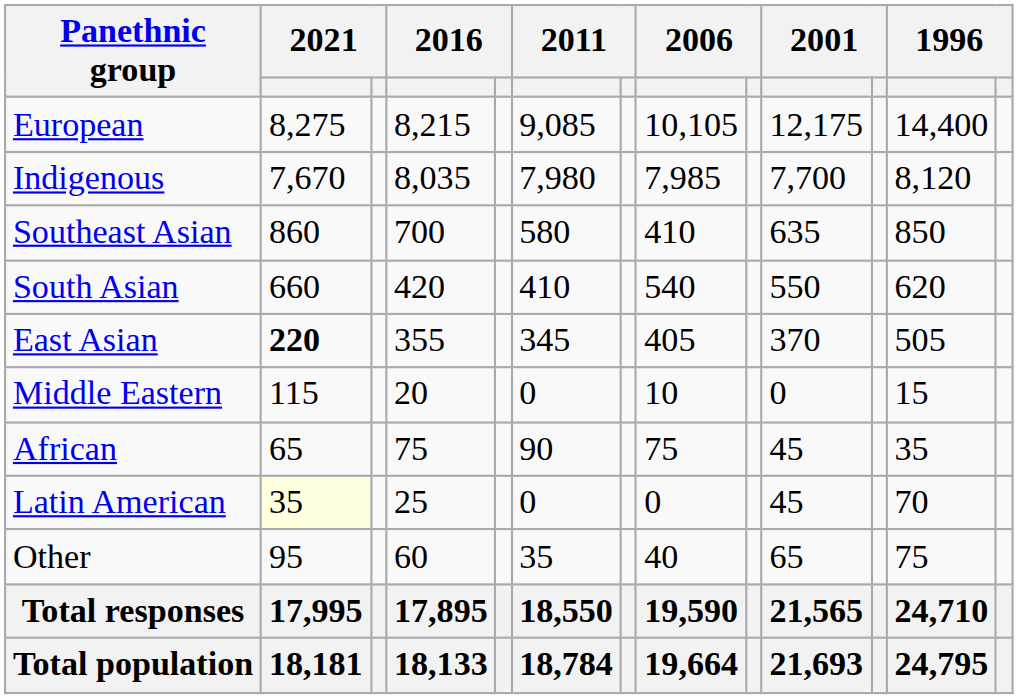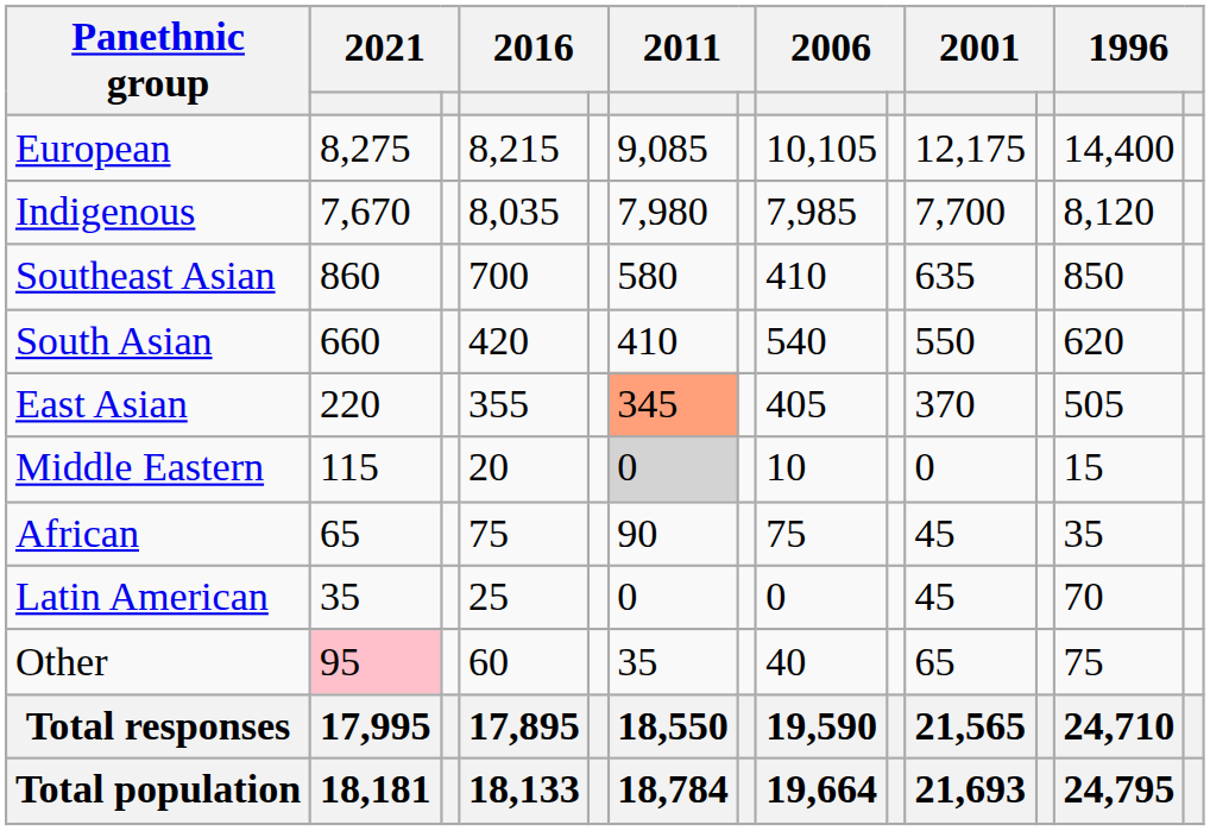 <table class="wikitable collapsible sortable">
 <tr>
 <th rowspan="2"><a href='#'>Panethnic</a><br>group</th>
 <th colspan="2">2021</th>
 <th colspan="2">2016</th>
 <th colspan="2">2011</th>
 <th colspan="2">2006</th>
 <th colspan="2">2001</th>
 <th colspan="2">1996</th>
 </tr>
 <tr>
 <th><a href='#'></a></th>
 <th></th>
 <th></th>
 <th></th>
 <th></th>
 <th></th>
 <th></th>
 <th></th>
 <th></th>
 <th></th>
 <th></th>
 <th></th>
 </tr>
 <tr>
 <td><a href='#'>European</a></td>
 <td>8,275</td>
 <td></td>
 <td>8,215</td>
 <td></td>
 <td>9,085</td>
 <td></td>
 <td>10,105</td>
 <td></td>
 <td>12,175</td>
 <td></td>
 <td>14,400</td>
 <td></td>
 </tr>
 <tr>
 <td><a href='#'>Indigenous</a></td>
 <td>7,670</td>
 <td></td>
 <td>8,035</td>
 <td></td>
 <td>7,980</td>
 <td></td>
 <td>7,985</td>
 <td></td>
 <td>7,700</td>
 <td></td>
 <td>8,120</td>
 <td></td>
 </tr>
 <tr>
 <td><a href='#'>Southeast Asian</a></td>
 <td>860</td>
 <td></td>
 <td>700</td>
 <td></td>
 <td>580</td>
 <td></td>
 <td>410</td>
 <td></td>
 <td>635</td>
 <td></td>
 <td>850</td>
 <td></td>
 </tr>
 <tr>
 <td><a href='#'>South Asian</a></td>
 <td>660</td>
 <td></td>
 <td>420</td>
 <td></td>
 <td>410</td>
 <td></td>
 <td>540</td>
 <td></td>
 <td>550</td>
 <td></td>
 <td>620</td>
 <td></td>
 </tr>
 <tr>
 <td><a href='#'>East Asian</a></td>
-<td><strong>220</strong></td>
+<td>220</td>
 <td></td>
 <td>355</td>
 <td></td>
-<td>345</td>
+<td style="background: lightsalmon;">345</td>
 <td></td>
 <td>405</td>
 <td></td>
 <td>370</td>
 <td></td>
 <td>505</td>
 <td></td>
 </tr>
 <tr>
 <td><a href='#'>Middle Eastern</a></td>
 <td>115</td>
 <td></td>
 <td>20</td>
 <td></td>
-<td>0</td>
+<td style="background: lightgrey;">0</td>
 <td></td>
 <td>10</td>
 <td></td>
 <td>0</td>
 <td></td>
 <td>15</td>
 <td></td>
 </tr>
 <tr>
 <td><a href='#'>African</a></td>
 <td>65</td>
 <td></td>
 <td>75</td>
 <td></td>
 <td>90</td>
 <td></td>
 <td>75</td>
 <td></td>
 <td>45</td>
 <td></td>
 <td>35</td>
 <td></td>
 </tr>
 <tr>
 <td><a href='#'>Latin American</a></td>
-<td style="background: lightyellow;">35</td>
+<td>35</td>
 <td></td>
 <td>25</td>
 <td></td>
 <td>0</td>
 <td></td>
 <td>0</td>
 <td></td>
 <td>45</td>
 <td></td>
 <td>70</td>
 <td></td>
 </tr>
 <tr>
 <td>Other</td>
-<td>95</td>
+<td style="background: pink;">95</td>
 <td></td>
 <td>60</td>
 <td></td>
 <td>35</td>
 <td></td>
 <td>40</td>
 <td></td>
 <td>65</td>
 <td></td>
 <td>75</td>
 <td></td>
 </tr>
 <tr>
 <th>Total responses</th>
 <th>17,995</th>
 <th></th>
 <th>17,895</th>
 <th></th>
 <th>18,550</th>
 <th></th>
 <th>19,590</th>
 <th></th>
 <th>21,565</th>
 <th></th>
 <th>24,710</th>
 <th></th>
 </tr>
 <tr>
 <th>Total population</th>
 <th>18,181</th>
 <th></th>
 <th>18,133</th>
 <th></th>
 <th>18,784</th>
 <th></th>
 <th>19,664</th>
 <th></th>
 <th>21,693</th>
 <th></th>
 <th>24,795</th>
 <th></th>
 </tr>
 </table>
